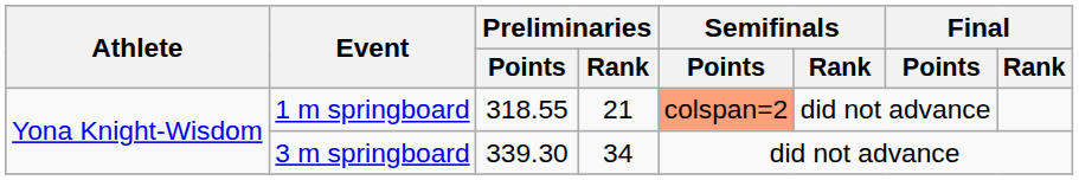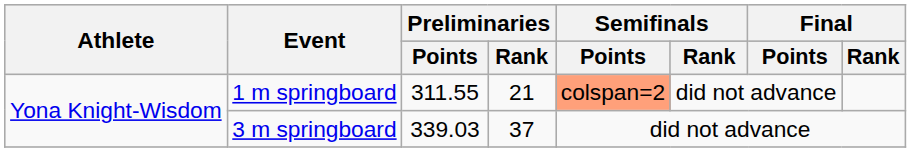 <table class=wikitable style="font-size:90%">
 <tr>
 <th rowspan="2">Athlete</th>
 <th rowspan="2">Event</th>
 <th colspan="2">Preliminaries</th>
 <th colspan="2">Semifinals</th>
 <th colspan="2">Final</th>
 </tr>
 <tr style="font-size:95%">
 <th>Points</th>
 <th>Rank</th>
 <th>Points</th>
 <th>Rank</th>
 <th>Points</th>
 <th>Rank</th>
 </tr>
 <tr align=center>
 <td align=left rowspan=2><a href='#'>Yona Knight-Wisdom</a></td>
 <td align=left><a href='#'>1 m springboard</a></td>
-<td>318.55</td>
+<td>311.55</td>
 <td>21</td>
 <td style="background: lightsalmon;">colspan=2 </td>
 <td colspan=2>did not advance</td>
 </tr>
 <tr align=center>
 <td align=left><a href='#'>3 m springboard</a></td>
-<td>339.30</td>
-<td>34</td>
+<td>339.03</td>
+<td>37</td>
 <td colspan=4>did not advance</td>
 </tr>
 </table>
